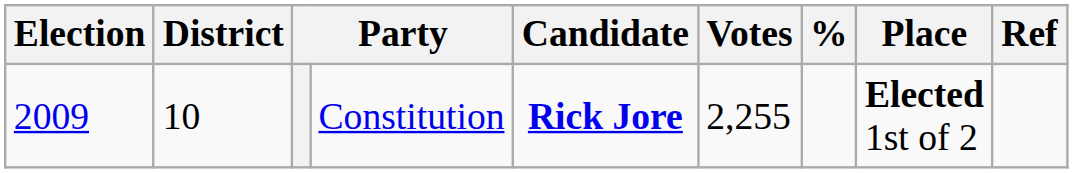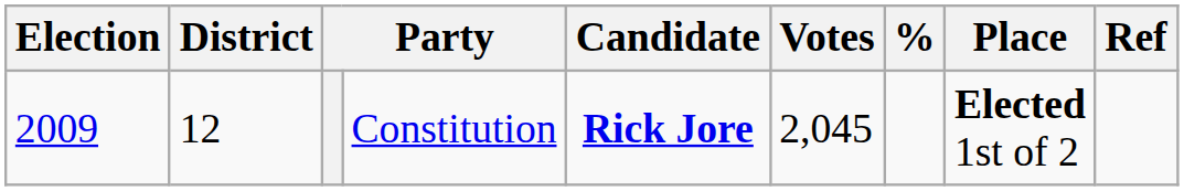 <table class="wikitable sortable">
 <tr>
 <th>Election</th>
 <th>District</th>
 <th colspan=2>Party</th>
 <th>Candidate</th>
 <th>Votes</th>
 <th>%</th>
 <th>Place</th>
 <th>Ref</th>
 </tr>
 <tr>
 <td><a href='#'>2009</a></td>
-<td>10</td>
+<td>12</td>
 <th style="background-color:"></th>
 <td><a href='#'>Constitution</a></td>
 <td align="center"><strong><a href='#'>Rick Jore</a></strong></td>
-<td>2,255</td>
+<td>2,045</td>
 <td></td>
 <td><strong>Elected</strong><br>1st of 2</td>
 <td></td>
 </tr>
 </table>
